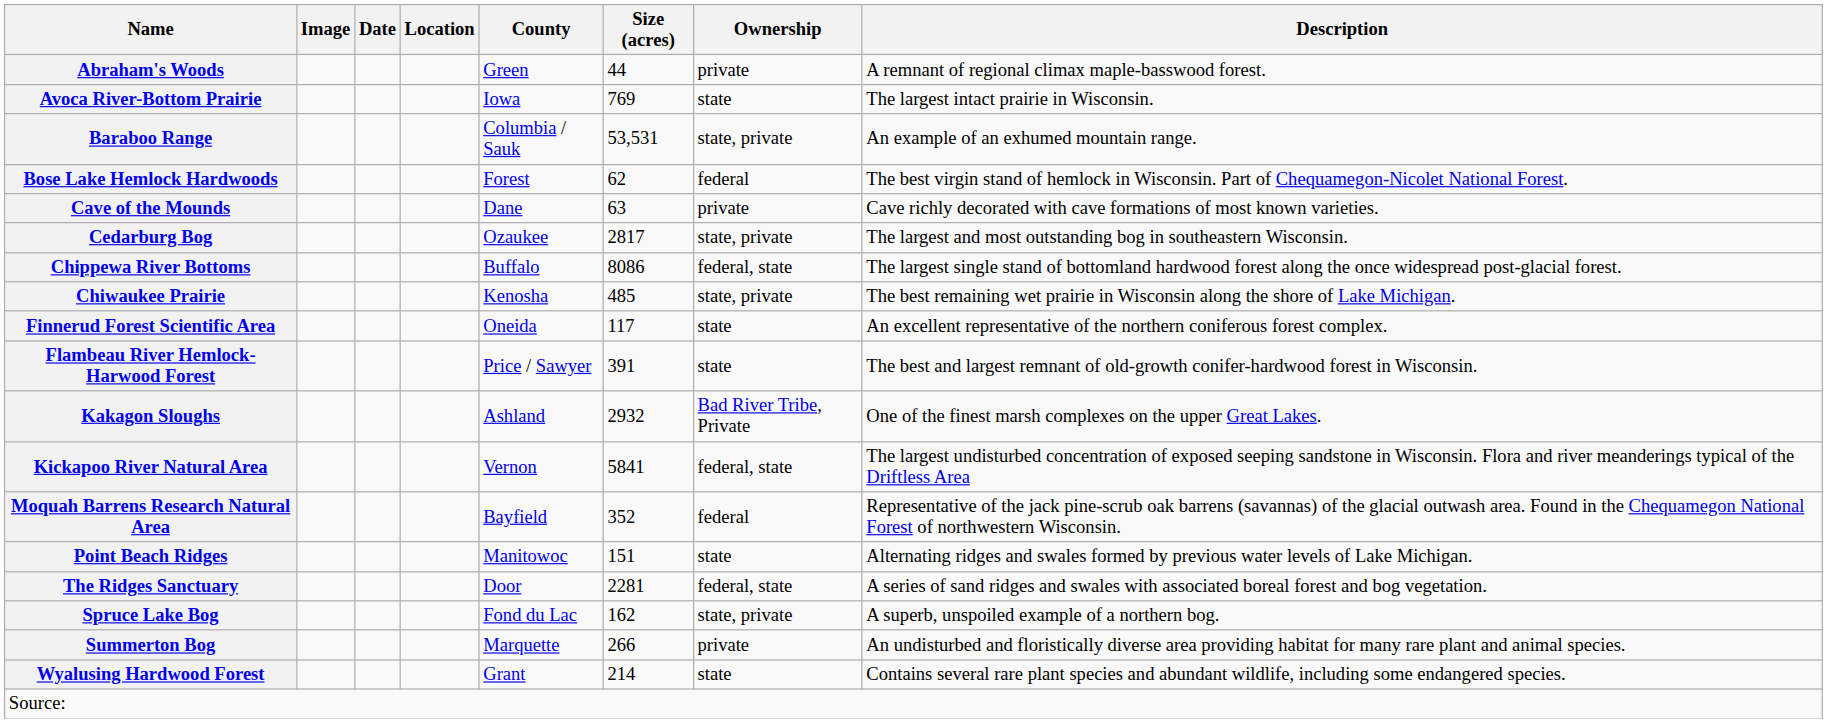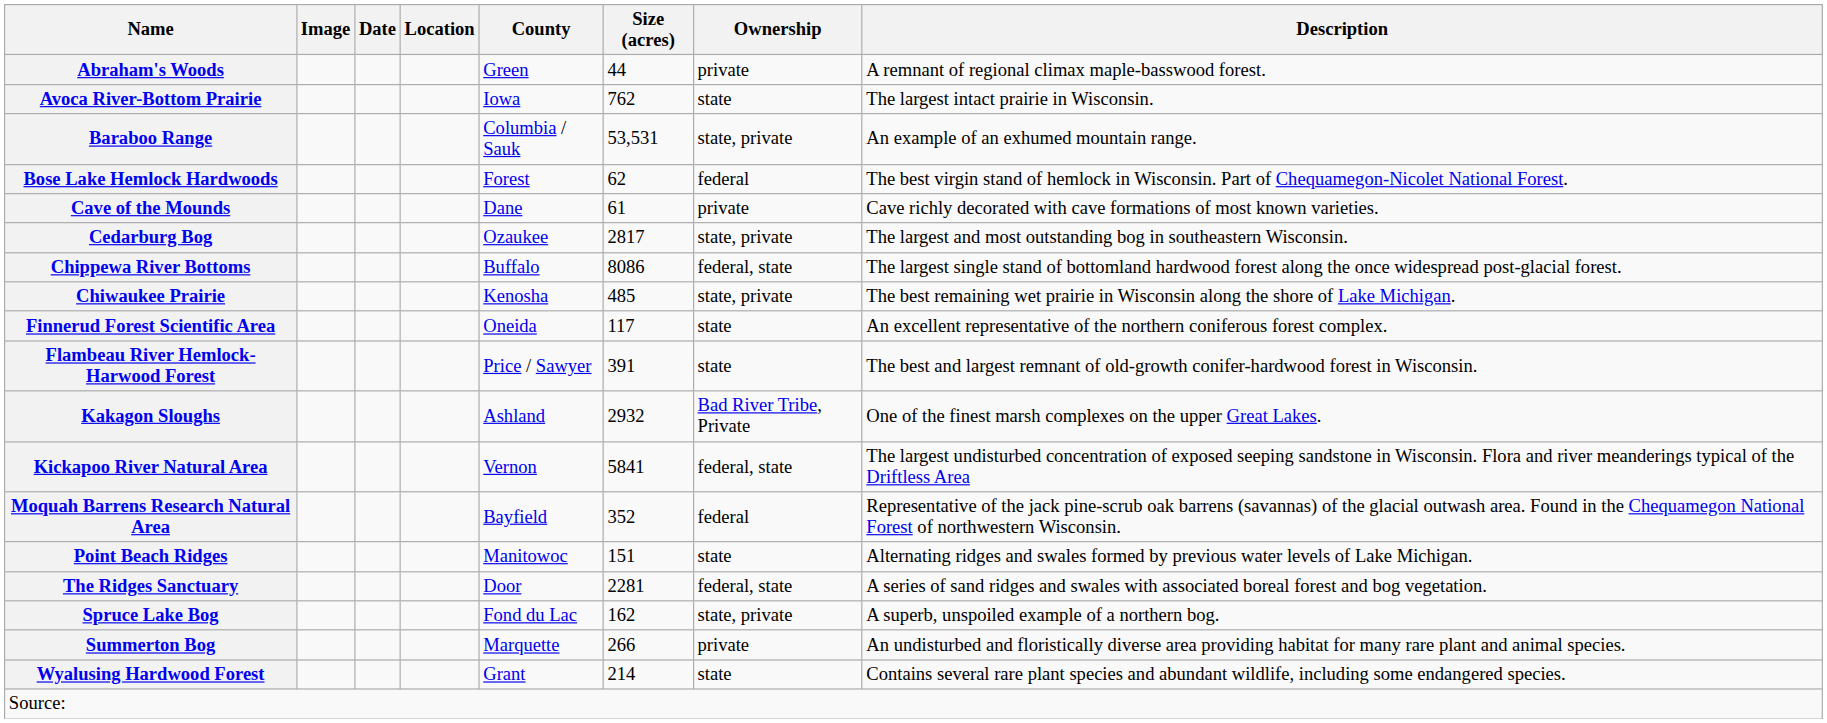 <table class="wikitable sortable" align="center">
 <tr>
 <th scope="col" style="background-color:">Name</th>
 <th style="background-color:">Image</th>
 <th style="background-color:">Date</th>
 <th style="background-color:">Location</th>
 <th style="background-color:">County</th>
 <th style="background-color:">Size (acres)</th>
 <th scope="col" style="background-color:">Ownership</th>
 <th style="background-color:">Description</th>
 </tr>
 <tr>
 <th><a href='#'>Abraham's Woods</a></th>
 <td></td>
 <td></td>
 <td><small></small></td>
 <td><a href='#'>Green</a></td>
 <td>44</td>
 <td>private</td>
 <td>A remnant of regional climax maple-basswood forest.</td>
 </tr>
 <tr>
 <th><a href='#'>Avoca River-Bottom Prairie</a></th>
 <td></td>
 <td></td>
 <td><small></small></td>
 <td><a href='#'>Iowa</a></td>
-<td>769</td>
+<td>762</td>
 <td>state</td>
 <td>The largest intact prairie in Wisconsin.</td>
 </tr>
 <tr>
 <th><a href='#'>Baraboo Range</a></th>
 <td></td>
 <td></td>
 <td><small></small></td>
 <td><a href='#'>Columbia</a> / <a href='#'>Sauk</a></td>
 <td>53,531</td>
 <td>state, private</td>
 <td>An example of an exhumed mountain range.</td>
 </tr>
 <tr>
 <th><a href='#'>Bose Lake Hemlock Hardwoods</a></th>
 <td></td>
 <td></td>
 <td><small></small></td>
 <td><a href='#'>Forest</a></td>
 <td>62</td>
 <td>federal</td>
 <td>The best virgin stand of hemlock in Wisconsin. Part of <a href='#'>Chequamegon-Nicolet National Forest</a>.</td>
 </tr>
 <tr>
 <th><a href='#'>Cave of the Mounds</a></th>
 <td></td>
 <td></td>
 <td><small></small></td>
 <td><a href='#'>Dane</a></td>
-<td>63</td>
+<td>61</td>
 <td>private</td>
 <td>Cave richly decorated with cave formations of most known varieties.</td>
 </tr>
 <tr>
 <th><a href='#'>Cedarburg Bog</a></th>
 <td></td>
 <td></td>
 <td><small></small></td>
 <td><a href='#'>Ozaukee</a></td>
 <td>2817</td>
 <td>state, private</td>
 <td>The largest and most outstanding bog in southeastern Wisconsin.</td>
 </tr>
 <tr>
 <th><a href='#'>Chippewa River Bottoms</a></th>
 <td></td>
 <td></td>
 <td></td>
 <td><a href='#'>Buffalo</a></td>
 <td>8086</td>
 <td>federal, state</td>
 <td>The largest single stand of bottomland hardwood forest along the once widespread post-glacial forest.</td>
 </tr>
 <tr>
 <th><a href='#'>Chiwaukee Prairie</a></th>
 <td></td>
 <td></td>
 <td><small></small></td>
 <td><a href='#'>Kenosha</a></td>
 <td>485</td>
 <td>state, private</td>
 <td>The best remaining wet prairie in Wisconsin along the shore of <a href='#'>Lake Michigan</a>.</td>
 </tr>
 <tr>
 <th><a href='#'>Finnerud Forest Scientific Area</a></th>
 <td></td>
 <td></td>
 <td><small></small></td>
 <td><a href='#'>Oneida</a></td>
 <td>117</td>
 <td>state</td>
 <td>An excellent representative of the northern coniferous forest complex.</td>
 </tr>
 <tr>
 <th><a href='#'>Flambeau River Hemlock-Harwood Forest</a></th>
 <td></td>
 <td></td>
 <td><small></small></td>
 <td><a href='#'>Price</a> / <a href='#'>Sawyer</a></td>
 <td>391</td>
 <td>state</td>
 <td>The best and largest remnant of old-growth conifer-hardwood forest in Wisconsin.</td>
 </tr>
 <tr>
 <th><a href='#'>Kakagon Sloughs</a></th>
 <td></td>
 <td></td>
 <td><small></small></td>
 <td><a href='#'>Ashland</a></td>
 <td>2932</td>
 <td><a href='#'>Bad River Tribe</a>, Private</td>
 <td>One of the finest marsh complexes on the upper <a href='#'>Great Lakes</a>.</td>
 </tr>
 <tr>
 <th><a href='#'>Kickapoo River Natural Area</a></th>
 <td></td>
 <td></td>
 <td><small></small></td>
 <td><a href='#'>Vernon</a></td>
 <td>5841</td>
 <td>federal, state</td>
 <td>The largest undisturbed concentration of exposed seeping sandstone in Wisconsin. Flora and river meanderings typical of the <a href='#'>Driftless Area</a></td>
 </tr>
 <tr>
 <th><a href='#'>Moquah Barrens Research Natural Area</a></th>
 <td></td>
 <td></td>
 <td><small></small></td>
 <td><a href='#'>Bayfield</a></td>
 <td>352</td>
 <td>federal</td>
 <td>Representative of the jack pine-scrub oak barrens (savannas) of the glacial outwash area. Found in the <a href='#'>Chequamegon National Forest</a> of northwestern Wisconsin.</td>
 </tr>
 <tr>
 <th><a href='#'>Point Beach Ridges</a></th>
 <td></td>
 <td></td>
 <td><small></small></td>
 <td><a href='#'>Manitowoc</a></td>
 <td>151</td>
 <td>state</td>
 <td>Alternating ridges and swales formed by previous water levels of Lake Michigan.</td>
 </tr>
 <tr>
 <th><a href='#'>The Ridges Sanctuary</a></th>
 <td></td>
 <td></td>
 <td><small></small></td>
 <td><a href='#'>Door</a></td>
 <td>2281</td>
 <td>federal, state</td>
 <td>A series of sand ridges and swales with associated boreal forest and bog vegetation.</td>
 </tr>
 <tr>
 <th><a href='#'>Spruce Lake Bog</a></th>
 <td></td>
 <td></td>
 <td><small></small></td>
 <td><a href='#'>Fond du Lac</a></td>
 <td>162</td>
 <td>state, private</td>
 <td>A superb, unspoiled example of a northern bog.</td>
 </tr>
 <tr>
 <th><a href='#'>Summerton Bog</a></th>
 <td></td>
 <td></td>
 <td><small></small></td>
 <td><a href='#'>Marquette</a></td>
 <td>266</td>
 <td>private</td>
 <td>An undisturbed and floristically diverse area providing habitat for many rare plant and animal species.</td>
 </tr>
 <tr>
 <th><a href='#'>Wyalusing Hardwood Forest</a></th>
 <td></td>
 <td></td>
 <td><small></small></td>
 <td><a href='#'>Grant</a></td>
 <td>214</td>
 <td>state</td>
 <td>Contains several rare plant species and abundant wildlife, including some endangered species.</td>
 </tr>
 <tr>
 <td align="left" colspan="9">Source:</td>
 </tr>
 </table>
